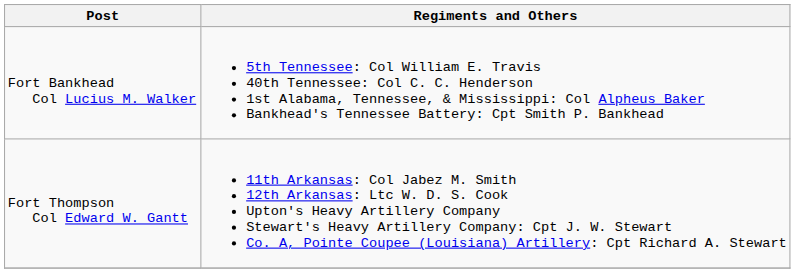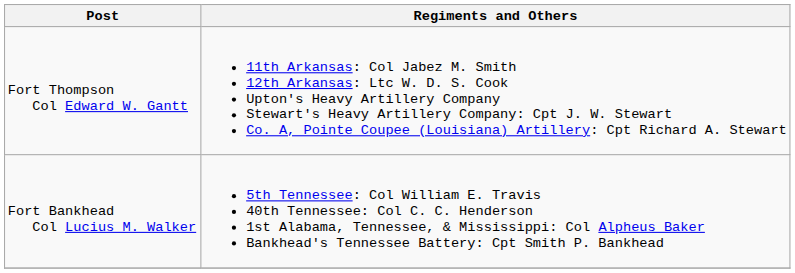 <table class="wikitable">
 <tr>
 <th width=25%>Post</th>
 <th>Regiments and Others</th>
 </tr>
 <tr>
+<td rowspan=1><br>Fort Thompson <br>   Col <a href='#'>Edward W. Gantt</a><br></td>
+<td><br><ul><li><a href='#'>11th Arkansas</a>: Col Jabez M. Smith</li><li><a href='#'>12th Arkansas</a>: Ltc W. D. S. Cook</li><li>Upton's Heavy Artillery Company</li><li>Stewart's Heavy Artillery Company: Cpt J. W. Stewart</li><li><a href='#'>Co. A, Pointe Coupee (Louisiana) Artillery</a>: Cpt Richard A. Stewart</li></ul></td>
+</tr>
+<tr>
 <td rowspan=1><br>Fort Bankhead <br>   Col <a href='#'>Lucius M. Walker</a></td>
 <td><br><ul><li><a href='#'>5th Tennessee</a>: Col William E. Travis</li><li>40th Tennessee: Col C. C. Henderson</li><li>1st Alabama, Tennessee, & Mississippi: Col <a href='#'>Alpheus Baker</a></li><li>Bankhead's Tennessee Battery: Cpt Smith P. Bankhead</li></ul></td>
 </tr>
 <tr>
-<td rowspan=1><br>Fort Thompson <br>   Col <a href='#'>Edward W. Gantt</a><br></td>
-<td><br><ul><li><a href='#'>11th Arkansas</a>: Col Jabez M. Smith</li><li><a href='#'>12th Arkansas</a>: Ltc W. D. S. Cook</li><li>Upton's Heavy Artillery Company</li><li>Stewart's Heavy Artillery Company: Cpt J. W. Stewart</li><li><a href='#'>Co. A, Pointe Coupee (Louisiana) Artillery</a>: Cpt Richard A. Stewart</li></ul></td>
-</tr>
-<tr>
 </tr>
 </table>
